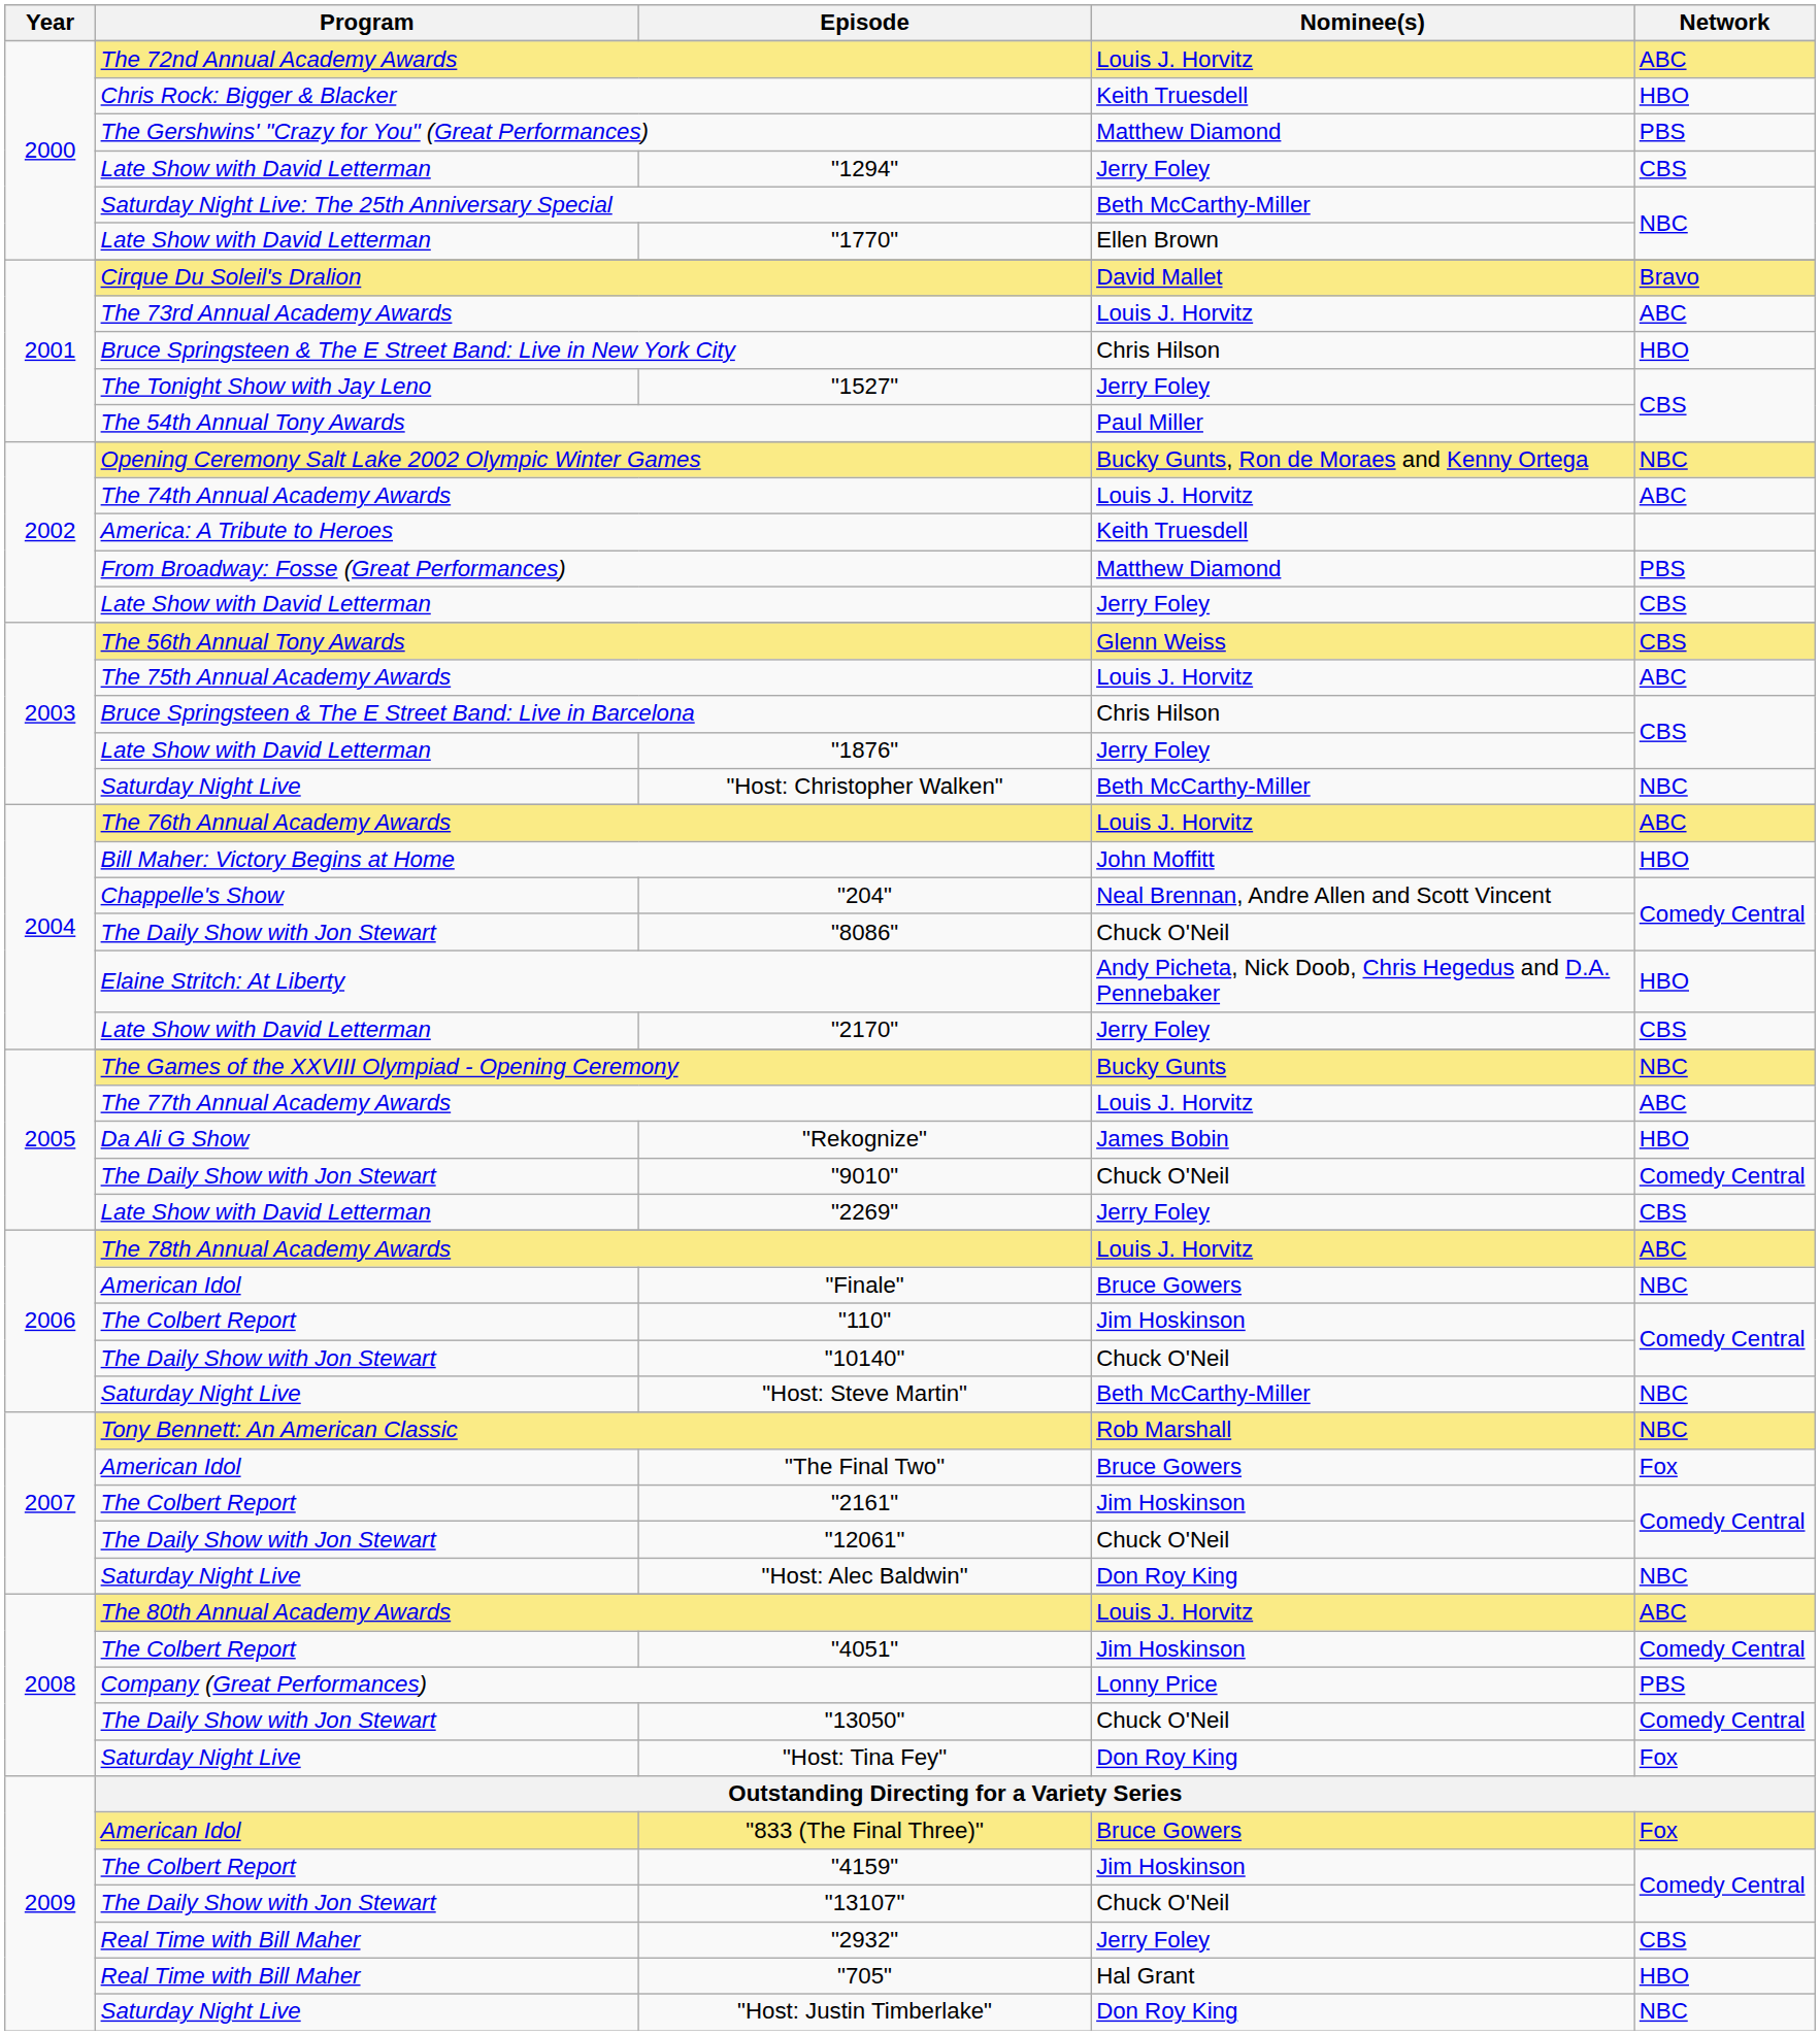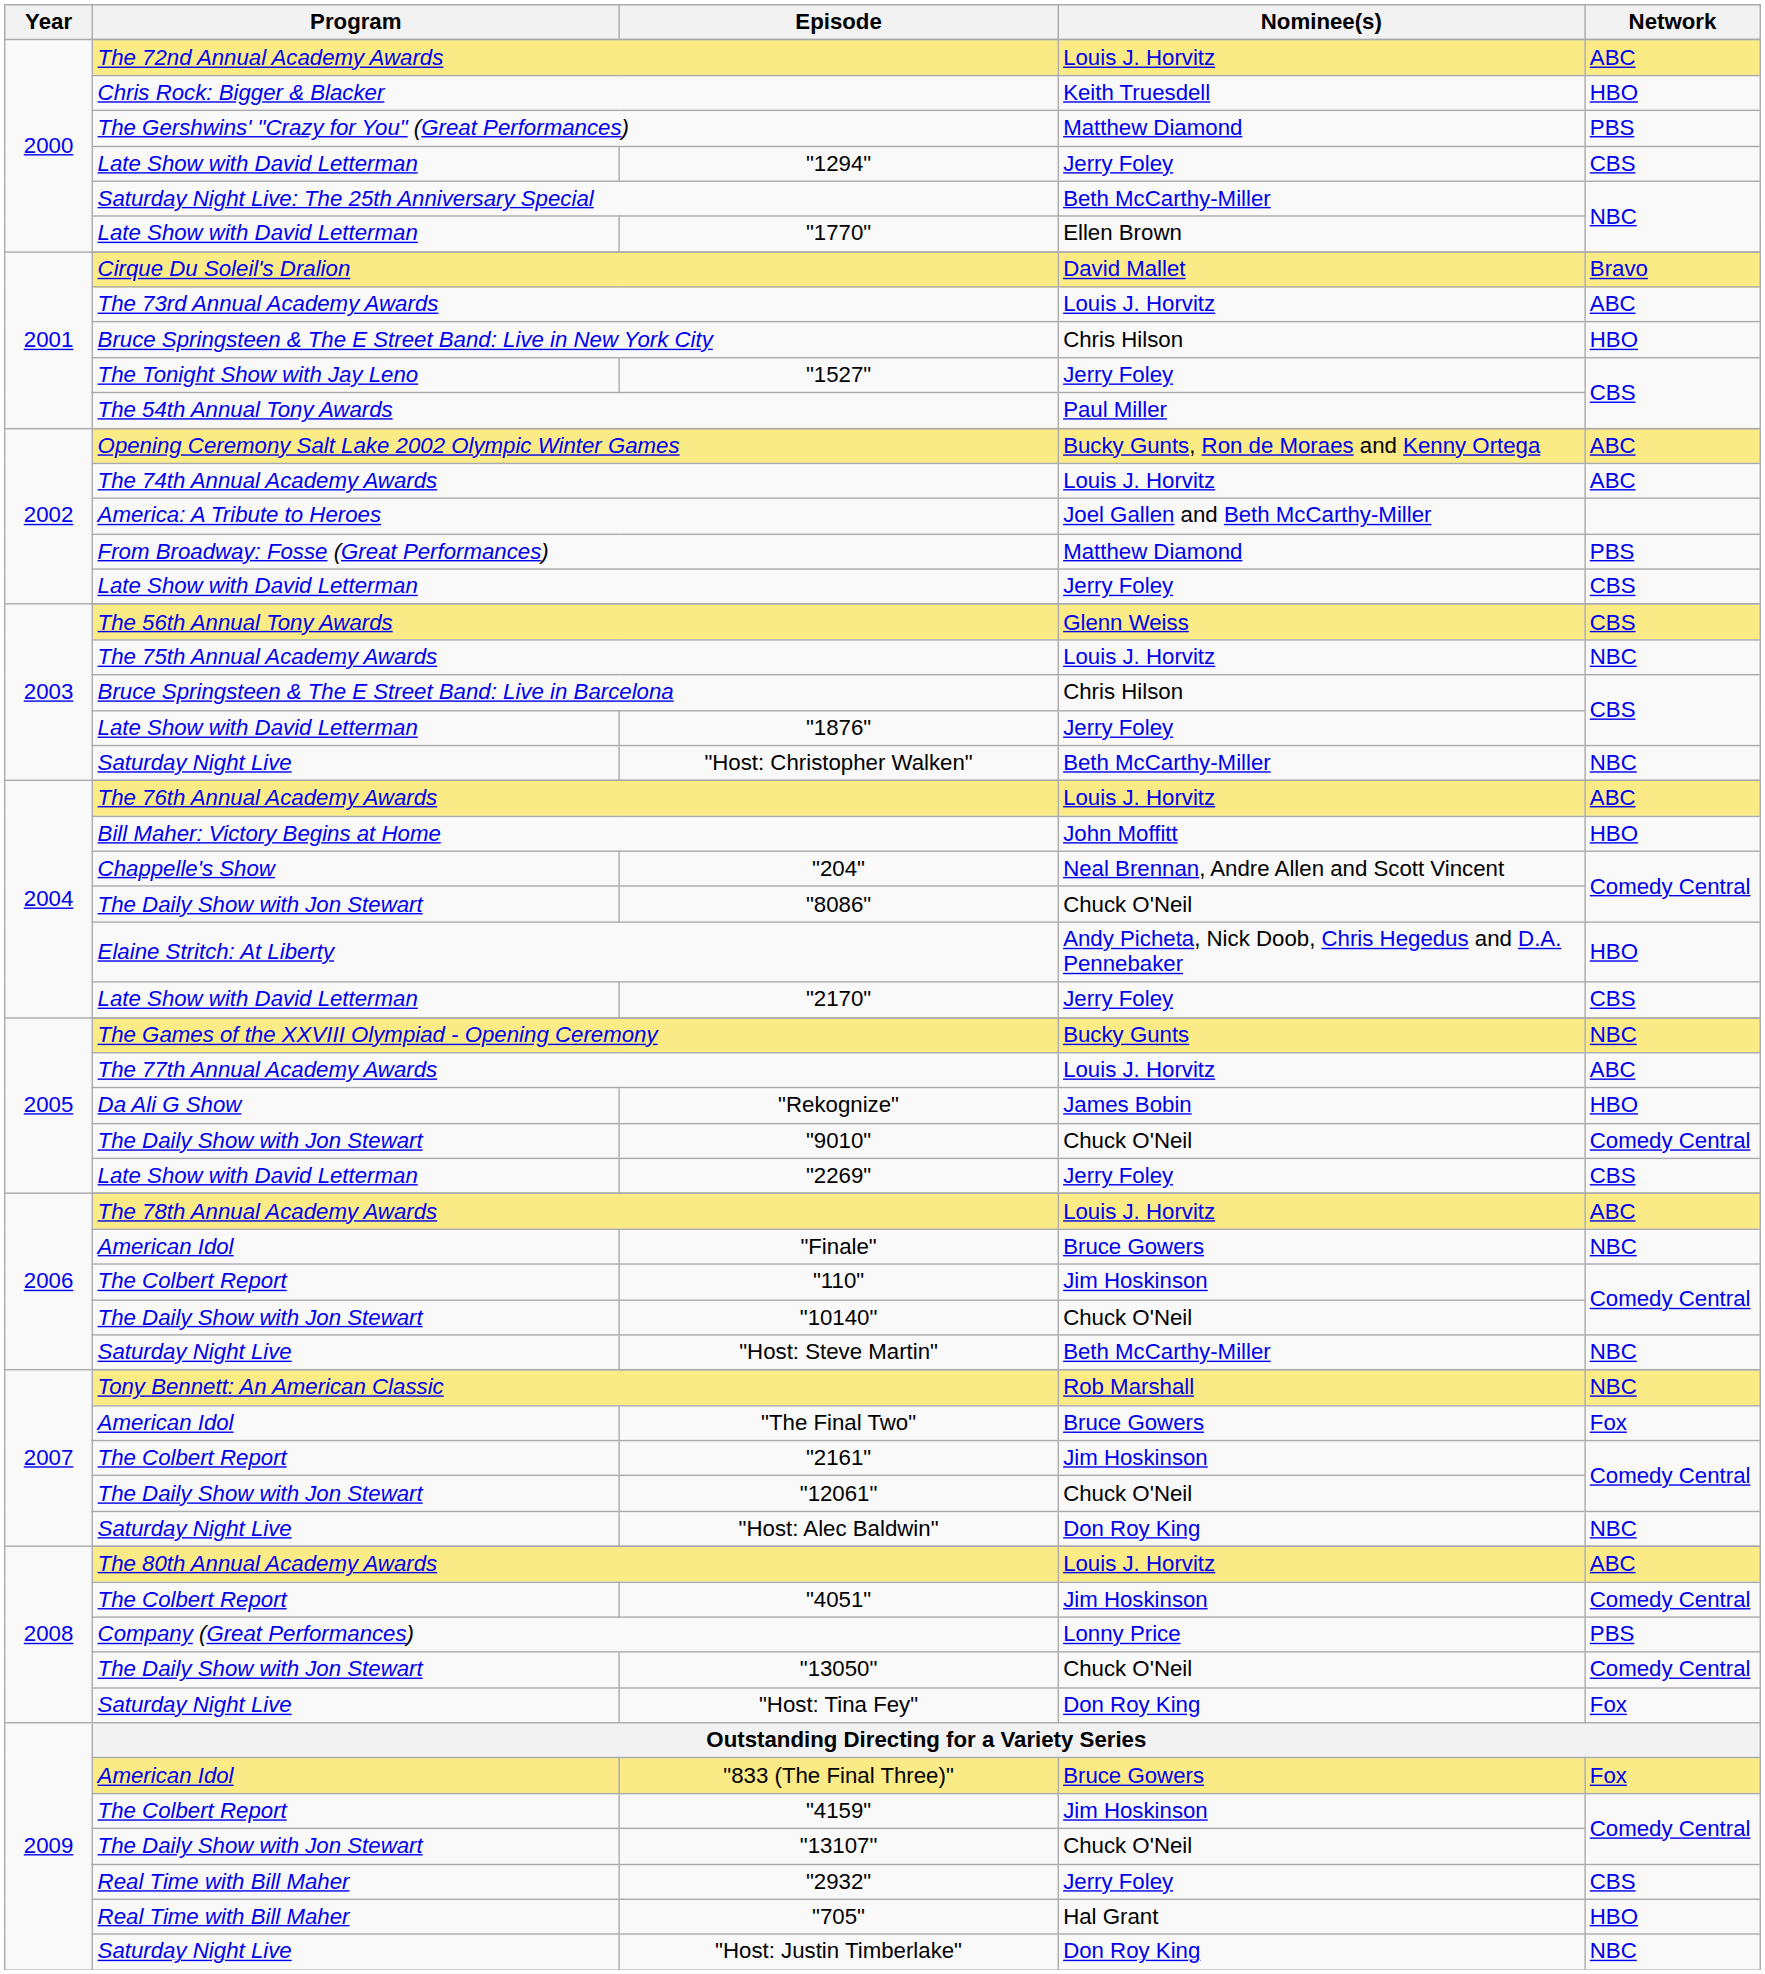 <table class="wikitable" style="width:100%">
 <tr bgcolor="#bebebe">
 <th width="5%">Year</th>
 <th width="30%">Program</th>
 <th width="25%">Episode</th>
 <th width="30%">Nominee(s)</th>
 <th width="10%">Network</th>
 </tr>
 <tr>
 <td rowspan="7" style="text-align:center;"><a href='#'>2000</a><br></td>
 </tr>
 <tr style="background:#FAEB86;">
 <td colspan=2><em><a href='#'>The 72nd Annual Academy Awards</a></em></td>
 <td><a href='#'>Louis J. Horvitz</a></td>
 <td><a href='#'>ABC</a></td>
 </tr>
 <tr>
 <td colspan=2><em><a href='#'>Chris Rock: Bigger & Blacker</a></em></td>
 <td><a href='#'>Keith Truesdell</a></td>
 <td><a href='#'>HBO</a></td>
 </tr>
 <tr>
 <td colspan=2><em><a href='#'>The Gershwins' "Crazy for You"</a> (<a href='#'>Great Performances</a>)</em></td>
 <td><a href='#'>Matthew Diamond</a></td>
 <td><a href='#'>PBS</a></td>
 </tr>
 <tr>
 <td><em><a href='#'>Late Show with David Letterman</a></em></td>
 <td align=center>"1294"</td>
 <td><a href='#'>Jerry Foley</a></td>
 <td><a href='#'>CBS</a></td>
 </tr>
 <tr>
 <td colspan=2><em><a href='#'>Saturday Night Live: The 25th Anniversary Special</a></em></td>
 <td><a href='#'>Beth McCarthy-Miller</a></td>
 <td rowspan=2><a href='#'>NBC</a></td>
 </tr>
 <tr>
 <td><em><a href='#'>Late Show with David Letterman</a></em></td>
 <td align=center>"1770"</td>
 <td>Ellen Brown</td>
 </tr>
 <tr>
 <td rowspan="6" style="text-align:center;"><a href='#'>2001</a><br></td>
 </tr>
 <tr style="background:#FAEB86;">
 <td colspan=2><em><a href='#'>Cirque Du Soleil's Dralion</a></em></td>
 <td><a href='#'>David Mallet</a></td>
 <td><a href='#'>Bravo</a></td>
 </tr>
 <tr>
 <td colspan=2><em><a href='#'>The 73rd Annual Academy Awards</a></em></td>
 <td><a href='#'>Louis J. Horvitz</a></td>
 <td><a href='#'>ABC</a></td>
 </tr>
 <tr>
 <td colspan=2><em><a href='#'>Bruce Springsteen & The E Street Band: Live in New York City</a></em></td>
 <td>Chris Hilson</td>
 <td><a href='#'>HBO</a></td>
 </tr>
 <tr>
 <td><em><a href='#'>The Tonight Show with Jay Leno</a></em></td>
 <td align=center>"1527"</td>
 <td><a href='#'>Jerry Foley</a></td>
 <td rowspan=2><a href='#'>CBS</a></td>
 </tr>
 <tr>
 <td colspan=2><em><a href='#'>The 54th Annual Tony Awards</a></em></td>
 <td><a href='#'>Paul Miller</a></td>
 </tr>
 <tr>
 <td rowspan="6" style="text-align:center;"><a href='#'>2002</a><br></td>
 </tr>
 <tr style="background:#FAEB86;">
 <td colspan=2><em><a href='#'>Opening Ceremony Salt Lake 2002 Olympic Winter Games</a></em></td>
 <td><a href='#'>Bucky Gunts</a>, <a href='#'>Ron de Moraes</a> and <a href='#'>Kenny Ortega</a></td>
-<td><a href='#'>NBC</a></td>
+<td><a href='#'>ABC</a></td>
 </tr>
 <tr>
 <td colspan=2><em><a href='#'>The 74th Annual Academy Awards</a></em></td>
 <td><a href='#'>Louis J. Horvitz</a></td>
 <td><a href='#'>ABC</a></td>
 </tr>
 <tr>
 <td colspan=2><em><a href='#'>America: A Tribute to Heroes</a></em></td>
-<td><a href='#'>Keith Truesdell</a></td>
+<td><a href='#'>Joel Gallen</a> and <a href='#'>Beth McCarthy-Miller</a></td>
 <td></td>
 </tr>
 <tr>
 <td colspan=2><em><a href='#'>From Broadway: Fosse</a> (<a href='#'>Great Performances</a>)</em></td>
 <td><a href='#'>Matthew Diamond</a></td>
 <td><a href='#'>PBS</a></td>
 </tr>
 <tr>
 <td colspan=2><em><a href='#'>Late Show with David Letterman</a></em></td>
 <td><a href='#'>Jerry Foley</a></td>
 <td><a href='#'>CBS</a></td>
 </tr>
 <tr>
 <td rowspan="6" style="text-align:center;"><a href='#'>2003</a><br></td>
 </tr>
 <tr style="background:#FAEB86;">
 <td colspan=2><em><a href='#'>The 56th Annual Tony Awards</a></em></td>
 <td><a href='#'>Glenn Weiss</a></td>
 <td><a href='#'>CBS</a></td>
 </tr>
 <tr>
 <td colspan=2><em><a href='#'>The 75th Annual Academy Awards</a></em></td>
 <td><a href='#'>Louis J. Horvitz</a></td>
-<td><a href='#'>ABC</a></td>
+<td><a href='#'>NBC</a></td>
 </tr>
 <tr>
 <td colspan=2><em><a href='#'>Bruce Springsteen & The E Street Band: Live in Barcelona</a></em></td>
 <td>Chris Hilson</td>
 <td rowspan=2><a href='#'>CBS</a></td>
 </tr>
 <tr>
 <td><em><a href='#'>Late Show with David Letterman</a></em></td>
 <td align=center>"1876"</td>
 <td><a href='#'>Jerry Foley</a></td>
 </tr>
 <tr>
 <td><em><a href='#'>Saturday Night Live</a></em></td>
 <td align=center>"Host: Christopher Walken"</td>
 <td><a href='#'>Beth McCarthy-Miller</a></td>
 <td><a href='#'>NBC</a></td>
 </tr>
 <tr>
 <td rowspan="7" style="text-align:center;"><a href='#'>2004</a><br></td>
 </tr>
 <tr style="background:#FAEB86;">
 <td colspan=2><em><a href='#'>The 76th Annual Academy Awards</a></em></td>
 <td><a href='#'>Louis J. Horvitz</a></td>
 <td><a href='#'>ABC</a></td>
 </tr>
 <tr>
 <td colspan=2><em><a href='#'>Bill Maher: Victory Begins at Home</a></em></td>
 <td><a href='#'>John Moffitt</a></td>
 <td><a href='#'>HBO</a></td>
 </tr>
 <tr>
 <td><em><a href='#'>Chappelle's Show</a></em></td>
 <td align=center>"204"</td>
 <td><a href='#'>Neal Brennan</a>, Andre Allen and Scott Vincent</td>
 <td rowspan=2><a href='#'>Comedy Central</a></td>
 </tr>
 <tr>
 <td><em><a href='#'>The Daily Show with Jon Stewart</a></em></td>
 <td align=center>"8086"</td>
 <td>Chuck O'Neil</td>
 </tr>
 <tr>
 <td colspan=2><em><a href='#'>Elaine Stritch: At Liberty</a></em></td>
 <td><a href='#'>Andy Picheta</a>, Nick Doob, <a href='#'>Chris Hegedus</a> and <a href='#'>D.A. Pennebaker</a></td>
 <td><a href='#'>HBO</a></td>
 </tr>
 <tr>
 <td><em><a href='#'>Late Show with David Letterman</a></em></td>
 <td align=center>"2170"</td>
 <td><a href='#'>Jerry Foley</a></td>
 <td><a href='#'>CBS</a></td>
 </tr>
 <tr>
 <td rowspan="6" style="text-align:center;"><a href='#'>2005</a><br></td>
 </tr>
 <tr style="background:#FAEB86;">
 <td colspan=2><em><a href='#'>The Games of the XXVIII Olympiad - Opening Ceremony</a></em></td>
 <td><a href='#'>Bucky Gunts</a></td>
 <td><a href='#'>NBC</a></td>
 </tr>
 <tr>
 <td colspan=2><em><a href='#'>The 77th Annual Academy Awards</a></em></td>
 <td><a href='#'>Louis J. Horvitz</a></td>
 <td><a href='#'>ABC</a></td>
 </tr>
 <tr>
 <td><em><a href='#'>Da Ali G Show</a></em></td>
 <td align=center>"Rekognize"</td>
 <td><a href='#'>James Bobin</a></td>
 <td><a href='#'>HBO</a></td>
 </tr>
 <tr>
 <td><em><a href='#'>The Daily Show with Jon Stewart</a></em></td>
 <td align=center>"9010"</td>
 <td>Chuck O'Neil</td>
 <td><a href='#'>Comedy Central</a></td>
 </tr>
 <tr>
 <td><em><a href='#'>Late Show with David Letterman</a></em></td>
 <td align=center>"2269"</td>
 <td><a href='#'>Jerry Foley</a></td>
 <td><a href='#'>CBS</a></td>
 </tr>
 <tr>
 <td rowspan="6" style="text-align:center;"><a href='#'>2006</a><br></td>
 </tr>
 <tr style="background:#FAEB86;">
 <td colspan=2><em><a href='#'>The 78th Annual Academy Awards</a></em></td>
 <td><a href='#'>Louis J. Horvitz</a></td>
 <td><a href='#'>ABC</a></td>
 </tr>
 <tr>
 <td><em><a href='#'>American Idol</a></em></td>
 <td align=center>"Finale"</td>
 <td><a href='#'>Bruce Gowers</a></td>
 <td><a href='#'>NBC</a></td>
 </tr>
 <tr>
 <td><em><a href='#'>The Colbert Report</a></em></td>
 <td align=center>"110"</td>
 <td><a href='#'>Jim Hoskinson</a></td>
 <td rowspan=2><a href='#'>Comedy Central</a></td>
 </tr>
 <tr>
 <td><em><a href='#'>The Daily Show with Jon Stewart</a></em></td>
 <td align=center>"10140"</td>
 <td>Chuck O'Neil</td>
 </tr>
 <tr>
 <td><em><a href='#'>Saturday Night Live</a></em></td>
 <td align=center>"Host: Steve Martin"</td>
 <td><a href='#'>Beth McCarthy-Miller</a></td>
 <td><a href='#'>NBC</a></td>
 </tr>
 <tr>
 <td rowspan="6" style="text-align:center;"><a href='#'>2007</a><br></td>
 </tr>
 <tr style="background:#FAEB86;">
 <td colspan=2><em><a href='#'>Tony Bennett: An American Classic</a></em></td>
 <td><a href='#'>Rob Marshall</a></td>
 <td><a href='#'>NBC</a></td>
 </tr>
 <tr>
 <td><em><a href='#'>American Idol</a></em></td>
 <td align=center>"The Final Two"</td>
 <td><a href='#'>Bruce Gowers</a></td>
 <td><a href='#'>Fox</a></td>
 </tr>
 <tr>
 <td><em><a href='#'>The Colbert Report</a></em></td>
 <td align=center>"2161"</td>
 <td><a href='#'>Jim Hoskinson</a></td>
 <td rowspan=2><a href='#'>Comedy Central</a></td>
 </tr>
 <tr>
 <td><em><a href='#'>The Daily Show with Jon Stewart</a></em></td>
 <td align=center>"12061"</td>
 <td>Chuck O'Neil</td>
 </tr>
 <tr>
 <td><em><a href='#'>Saturday Night Live</a></em></td>
 <td align=center>"Host: Alec Baldwin"</td>
 <td><a href='#'>Don Roy King</a></td>
 <td><a href='#'>NBC</a></td>
 </tr>
 <tr>
 <td rowspan="6" style="text-align:center;"><a href='#'>2008</a><br></td>
 </tr>
 <tr style="background:#FAEB86;">
 <td colspan=2><em><a href='#'>The 80th Annual Academy Awards</a></em></td>
 <td><a href='#'>Louis J. Horvitz</a></td>
 <td><a href='#'>ABC</a></td>
 </tr>
 <tr>
 <td><em><a href='#'>The Colbert Report</a></em></td>
 <td align=center>"4051"</td>
 <td><a href='#'>Jim Hoskinson</a></td>
 <td><a href='#'>Comedy Central</a></td>
 </tr>
 <tr>
 <td colspan=2><em><a href='#'>Company</a> (<a href='#'>Great Performances</a>)</em></td>
 <td><a href='#'>Lonny Price</a></td>
 <td><a href='#'>PBS</a></td>
 </tr>
 <tr>
 <td><em><a href='#'>The Daily Show with Jon Stewart</a></em></td>
 <td align=center>"13050"</td>
 <td>Chuck O'Neil</td>
 <td><a href='#'>Comedy Central</a></td>
 </tr>
 <tr>
 <td><em><a href='#'>Saturday Night Live</a></em></td>
 <td align=center>"Host: Tina Fey"</td>
 <td><a href='#'>Don Roy King</a></td>
 <td><a href='#'>Fox</a></td>
 </tr>
 <tr>
 <td rowspan="7" style="text-align:center;"><a href='#'>2009</a><br></td>
 <th colspan="4">Outstanding Directing for a Variety Series</th>
 </tr>
 <tr style="background:#FAEB86;">
 <td><em><a href='#'>American Idol</a></em></td>
 <td align=center>"833 (The Final Three)"</td>
 <td><a href='#'>Bruce Gowers</a></td>
 <td><a href='#'>Fox</a></td>
 </tr>
 <tr>
 <td><em><a href='#'>The Colbert Report</a></em></td>
 <td align=center>"4159"</td>
 <td><a href='#'>Jim Hoskinson</a></td>
 <td rowspan=2><a href='#'>Comedy Central</a></td>
 </tr>
 <tr>
 <td><em><a href='#'>The Daily Show with Jon Stewart</a></em></td>
 <td align=center>"13107"</td>
 <td>Chuck O'Neil</td>
 </tr>
 <tr>
 <td><em><a href='#'>Real Time with Bill Maher</a></em></td>
 <td align=center>"2932"</td>
 <td><a href='#'>Jerry Foley</a></td>
 <td><a href='#'>CBS</a></td>
 </tr>
 <tr>
 <td><em><a href='#'>Real Time with Bill Maher</a></em></td>
 <td align=center>"705"</td>
 <td>Hal Grant</td>
 <td><a href='#'>HBO</a></td>
 </tr>
 <tr>
 <td><em><a href='#'>Saturday Night Live</a></em></td>
 <td align=center>"Host: Justin Timberlake"</td>
 <td><a href='#'>Don Roy King</a></td>
 <td><a href='#'>NBC</a></td>
 </tr>
 </table>
